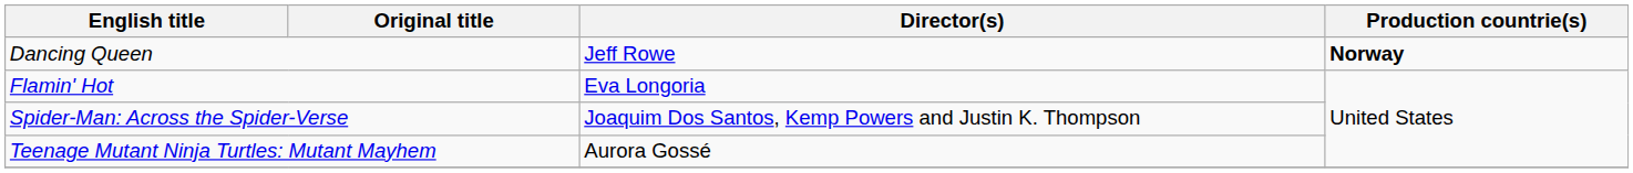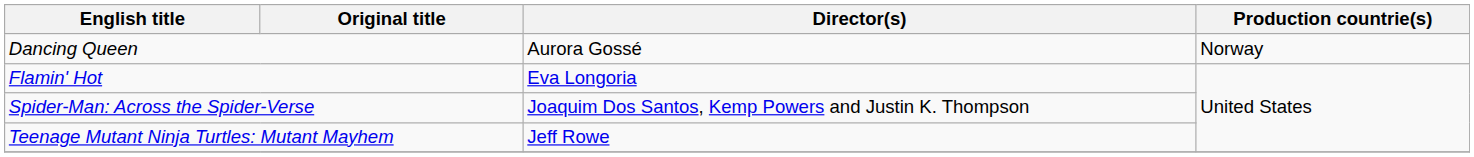 <table class="sortable wikitable" style="width:100%; margin-bottom:4px" cellpadding="5">
 <tr>
 <th scope="col">English title</th>
 <th scope="col">Original title</th>
 <th scope="col">Director(s)</th>
 <th scope="col">Production countrie(s)</th>
 </tr>
 <tr>
 <td colspan="2"><em>Dancing Queen</em></td>
-<td><a href='#'>Jeff Rowe</a></td>
-<td><strong>Norway</strong></td>
+<td>Aurora Gossé</td>
+<td>Norway</td>
 </tr>
 <tr>
 <td colspan="2"><em><a href='#'>Flamin' Hot</a></em></td>
 <td><a href='#'>Eva Longoria</a></td>
 <td rowspan="3">United States</td>
 </tr>
 <tr>
 <td colspan="2"><em><a href='#'>Spider-Man: Across the Spider-Verse</a></em></td>
 <td><a href='#'>Joaquim Dos Santos</a>, <a href='#'>Kemp Powers</a> and Justin K. Thompson</td>
 </tr>
 <tr>
 <td colspan="2"><em><a href='#'>Teenage Mutant Ninja Turtles: Mutant Mayhem</a></em></td>
-<td>Aurora Gossé</td>
+<td><a href='#'>Jeff Rowe</a></td>
 </tr>
 <tr>
 </tr>
 </table>
